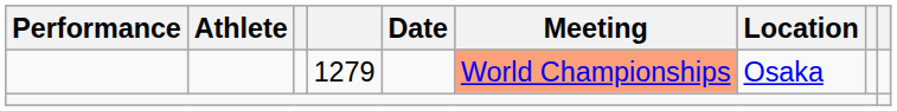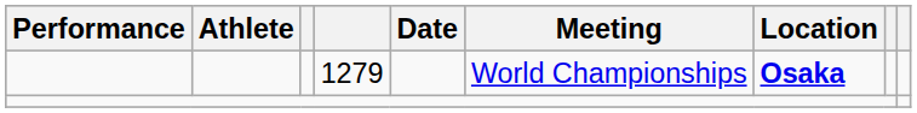 <table class="wikitable sortable plainrowheaders" style="font-size:90%;">
 <tr>
 <th>Performance</th>
 <th>Athlete</th>
 <th></th>
 <th></th>
 <th>Date</th>
 <th>Meeting</th>
 <th>Location</th>
 <th></th>
 <th class="unsortable"></th>
 </tr>
 <tr>
 <td data-sort-value="3Pts07032"></td>
 <td></td>
 <td></td>
 <td>1279</td>
 <td></td>
-<td style="background: lightsalmon;"><a href='#'>World Championships</a></td>
-<td><a href='#'>Osaka</a></td>
+<td><a href='#'>World Championships</a></td>
+<td><strong><a href='#'>Osaka</a></strong></td>
 <td></td>
 <td></td>
 </tr>
 <tr>
 <td colspan="8"></td>
 </tr>
 </table>
